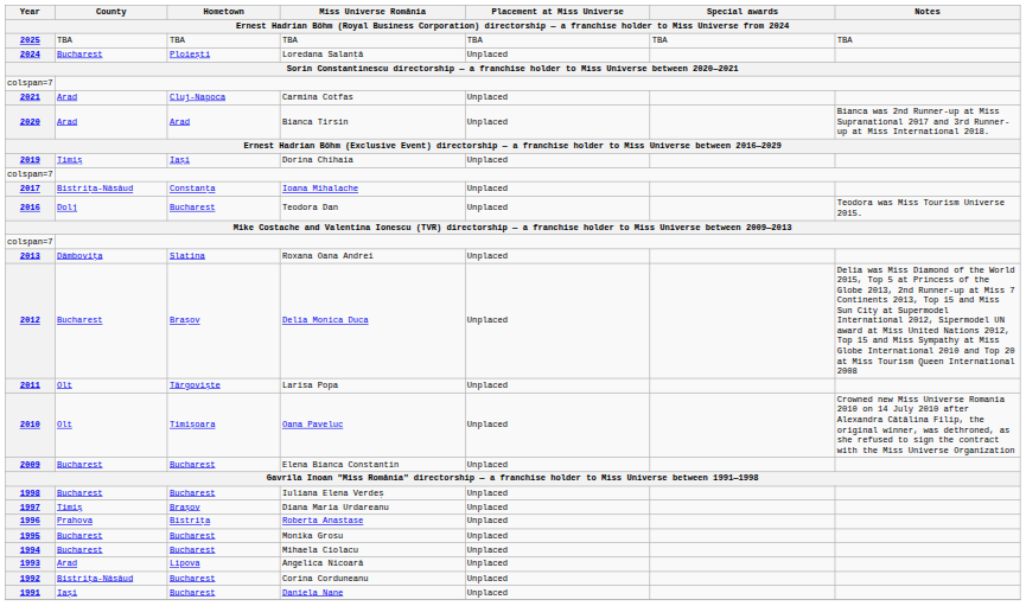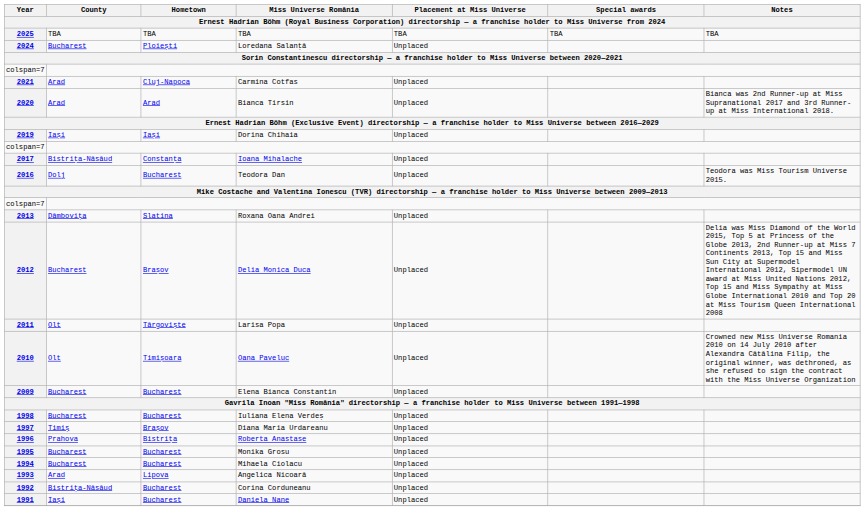 <table class="wikitable " style="font-size: 90%;">
 <tr>
 <th width="60">Year</th>
 <th width="150">County</th>
 <th width="150">Hometown</th>
 <th width="250">Miss Universe România</th>
 <th width="250">Placement at Miss Universe</th>
 <th width="250">Special awards</th>
 <th width="250">Notes</th>
 </tr>
 <tr>
 <th colspan="7">Ernest Hadrian Böhm (Royal Business Corporation) directorship — a franchise holder to Miss Universe from 2024</th>
 </tr>
 <tr>
 <th><a href='#'>2025</a></th>
 <td>TBA</td>
 <td>TBA</td>
 <td>TBA</td>
 <td>TBA</td>
 <td>TBA</td>
 <td>TBA</td>
 </tr>
 <tr>
 <th><a href='#'>2024</a></th>
 <td><a href='#'>Bucharest</a></td>
 <td><a href='#'>Ploiești</a></td>
 <td>Loredana Salanță</td>
 <td>Unplaced</td>
 <td></td>
 <td></td>
 </tr>
 <tr>
 <th colspan="7">Sorin Constantinescu directorship — a franchise holder to Miss Universe between 2020―2021</th>
 </tr>
 <tr>
 <td>colspan=7 </td>
 </tr>
 <tr>
 <th><a href='#'>2021</a></th>
 <td><a href='#'>Arad</a></td>
 <td><a href='#'>Cluj-Napoca</a></td>
 <td>Carmina Cotfas</td>
 <td>Unplaced</td>
 <td></td>
 <td></td>
 </tr>
 <tr>
 <th><a href='#'>2020</a></th>
 <td><a href='#'>Arad</a></td>
 <td><a href='#'>Arad</a></td>
 <td>Bianca Tirsin</td>
 <td>Unplaced</td>
 <td></td>
 <td>Bianca was 2nd Runner-up at Miss Supranational 2017 and 3rd Runner-up at Miss International 2018.</td>
 </tr>
 <tr>
 <th colspan="7">Ernest Hadrian Böhm (Exclusive Event) directorship — a franchise holder to Miss Universe between 2016―2029</th>
 </tr>
 <tr>
 <th><a href='#'>2019</a></th>
-<td><a href='#'>Timiș</a></td>
+<td><a href='#'>Iași</a></td>
 <td><a href='#'>Iași</a></td>
 <td>Dorina Chihaia</td>
 <td>Unplaced</td>
 <td></td>
 <td></td>
 </tr>
 <tr>
 <td>colspan=7 </td>
 </tr>
 <tr>
 <th><a href='#'>2017</a></th>
 <td><a href='#'>Bistrița-Năsăud</a></td>
 <td><a href='#'>Constanța</a></td>
 <td><a href='#'>Ioana Mihalache</a></td>
 <td>Unplaced</td>
 <td></td>
 <td></td>
 </tr>
 <tr>
 <th><a href='#'>2016</a></th>
 <td><a href='#'>Dolj</a></td>
 <td><a href='#'>Bucharest</a></td>
 <td>Teodora Dan</td>
 <td>Unplaced</td>
 <td></td>
 <td>Teodora was Miss Tourism Universe 2015.</td>
 </tr>
 <tr>
 <th colspan="7">Mike Costache and Valentina Ionescu (TVR) directorship — a franchise holder to Miss Universe between 2009―2013</th>
 </tr>
 <tr>
 <td>colspan=7 </td>
 </tr>
 <tr>
 <th><a href='#'>2013</a></th>
 <td><a href='#'>Dâmbovița</a></td>
 <td><a href='#'>Slatina</a></td>
 <td>Roxana Oana Andrei</td>
 <td>Unplaced</td>
 <td></td>
 <td></td>
 </tr>
 <tr>
 <th><a href='#'>2012</a></th>
 <td><a href='#'>Bucharest</a></td>
 <td><a href='#'>Brașov</a></td>
 <td><a href='#'>Delia Monica Duca</a></td>
 <td>Unplaced</td>
 <td></td>
 <td>Delia was Miss Diamond of the World 2015,  Top 5 at Princess of the Globe 2013, 2nd Runner-up at Miss 7 Continents 2013, Top 15 and Miss Sun City at Supermodel International 2012, Sipermodel UN award at Miss United Nations 2012, Top 15 and Miss Sympathy at Miss Globe International 2010 and Top 20 at Miss Tourism Queen International 2008</td>
 </tr>
 <tr>
 <th><a href='#'>2011</a></th>
 <td><a href='#'>Olt</a></td>
 <td><a href='#'>Târgoviște</a></td>
 <td>Larisa Popa</td>
 <td>Unplaced</td>
 <td></td>
 <td></td>
 </tr>
 <tr>
 <th><a href='#'>2010</a></th>
 <td><a href='#'>Olt</a></td>
 <td><a href='#'>Timișoara</a></td>
 <td><a href='#'>Oana Paveluc</a></td>
 <td>Unplaced</td>
 <td></td>
 <td>Crowned new Miss Universe Romania 2010 on 14 July 2010 after Alexandra Cătălina Filip, the original winner, was dethroned, as she refused to sign the contract with the Miss Universe Organization</td>
 </tr>
 <tr>
 <th><a href='#'>2009</a></th>
 <td><a href='#'>Bucharest</a></td>
 <td><a href='#'>Bucharest</a></td>
 <td>Elena Bianca Constantin</td>
 <td>Unplaced</td>
 <td></td>
 <td></td>
 </tr>
 <tr>
 <th colspan="7">Gavrila Inoan "Miss România" directorship — a franchise holder to Miss Universe between 1991―1998</th>
 </tr>
 <tr>
 <th><a href='#'>1998</a></th>
 <td><a href='#'>Bucharest</a></td>
 <td><a href='#'>Bucharest</a></td>
 <td>Iuliana Elena Verdeș</td>
 <td>Unplaced</td>
 <td></td>
 <td></td>
 </tr>
 <tr>
 <th><a href='#'>1997</a></th>
 <td><a href='#'>Timiș</a></td>
 <td><a href='#'>Brașov</a></td>
 <td>Diana Maria Urdareanu</td>
 <td>Unplaced</td>
 <td></td>
 <td></td>
 </tr>
 <tr>
 <th><a href='#'>1996</a></th>
 <td><a href='#'>Prahova</a></td>
 <td><a href='#'>Bistrița</a></td>
 <td><a href='#'>Roberta Anastase</a></td>
 <td>Unplaced</td>
 <td></td>
 <td></td>
 </tr>
 <tr>
 <th><a href='#'>1995</a></th>
 <td><a href='#'>Bucharest</a></td>
 <td><a href='#'>Bucharest</a></td>
 <td>Monika Grosu</td>
 <td>Unplaced</td>
 <td></td>
 <td></td>
 </tr>
 <tr>
 <th><a href='#'>1994</a></th>
 <td><a href='#'>Bucharest</a></td>
 <td><a href='#'>Bucharest</a></td>
 <td>Mihaela Ciolacu</td>
 <td>Unplaced</td>
 <td></td>
 <td></td>
 </tr>
 <tr>
 <th><a href='#'>1993</a></th>
 <td><a href='#'>Arad</a></td>
 <td><a href='#'>Lipova</a></td>
 <td>Angelica Nicoară</td>
 <td>Unplaced</td>
 <td></td>
 <td></td>
 </tr>
 <tr>
 <th><a href='#'>1992</a></th>
 <td><a href='#'>Bistrița-Năsăud</a></td>
 <td><a href='#'>Bucharest</a></td>
 <td>Corina Corduneanu</td>
 <td>Unplaced</td>
 <td></td>
 <td></td>
 </tr>
 <tr>
 <th><a href='#'>1991</a></th>
 <td><a href='#'>Iași</a></td>
 <td><a href='#'>Bucharest</a></td>
 <td><a href='#'>Daniela Nane</a></td>
 <td>Unplaced</td>
 <td></td>
 <td></td>
 </tr>
 <tr>
 </tr>
 </table>
